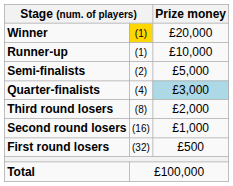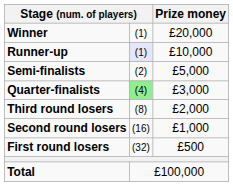 <table class="wikitable">
 <tr>
 <th colspan=2>Stage <small>(num. of players)</small></th>
 <th>Prize money</th>
 </tr>
 <tr>
 <td><strong>Winner</strong></td>
-<td align=center style="background: gold;"><small>(1)</small></td>
+<td align=center><small>(1)</small></td>
 <td align=center>£20,000</td>
 </tr>
 <tr>
 <td><strong>Runner-up</strong></td>
-<td align=center><small>(1)</small></td>
+<td align=center style="background: lavender;"><small>(1)</small></td>
 <td align=center>£10,000</td>
 </tr>
 <tr>
 <td><strong>Semi-finalists</strong></td>
 <td align=center><small>(2)</small></td>
 <td align=center>£5,000</td>
 </tr>
 <tr>
 <td><strong>Quarter-finalists</strong></td>
-<td align=center><small>(4)</small></td>
-<td align=center style="background: lightblue;">£3,000</td>
+<td align=center style="background: lightgreen;"><small>(4)</small></td>
+<td align=center>£3,000</td>
 </tr>
 <tr>
 <td><strong>Third round losers</strong></td>
 <td align=center><small>(8)</small></td>
 <td align=center>£2,000</td>
 </tr>
 <tr>
 <td><strong>Second round losers</strong></td>
 <td align=center><small>(16)</small></td>
 <td align=center>£1,000</td>
 </tr>
 <tr>
 <td><strong>First round losers</strong></td>
 <td align=center><small>(32)</small></td>
 <td align=center>£500</td>
 </tr>
 <tr>
 <th colspan=3></th>
 </tr>
 <tr>
 <td><strong>Total</strong></td>
 <td align=center colspan=2>£100,000</td>
 </tr>
 </table>
